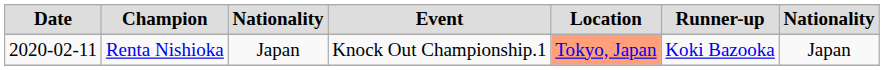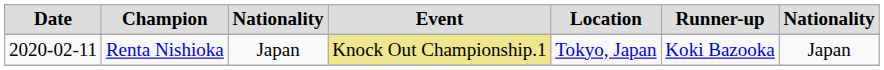 <table class="wikitable" style="text-align:center">
 <tr>
 </tr>
 <tr bgcolor="#dddddd">
 <td><strong>Date</strong></td>
 <td><strong>Champion</strong></td>
 <td><strong>Nationality</strong></td>
 <td><strong>Event</strong></td>
 <td><strong>Location</strong></td>
 <td><strong>Runner-up</strong></td>
 <td><strong>Nationality</strong></td>
 </tr>
 <tr>
 </tr>
 <tr>
 <td>2020-02-11</td>
 <td><a href='#'>Renta Nishioka</a></td>
 <td> Japan</td>
-<td>Knock Out Championship.1</td>
-<td style="background: lightsalmon;"><a href='#'>Tokyo, Japan</a></td>
+<td style="background: khaki;">Knock Out Championship.1</td>
+<td><a href='#'>Tokyo, Japan</a></td>
 <td><a href='#'>Koki Bazooka</a></td>
 <td> Japan</td>
 </tr>
 <tr>
 </tr>
 </table>
